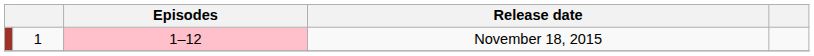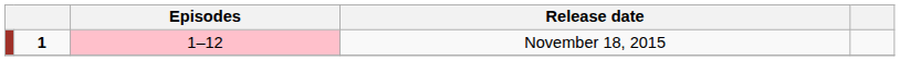 <table class="wikitable" style="text-align: center; width: 70%;">
 <tr>
 <th colspan="2"></th>
 <th>Episodes</th>
 <th>Release date</th>
 <th width="5%"></th>
 </tr>
 <tr>
 <td rowspan="1" width="1%" style="background: #9F3129;"></td>
-<td>1</td>
+<td><strong>1</strong></td>
 <td style="background: pink;">1–12</td>
 <td>November 18, 2015</td>
 <td></td>
 </tr>
 <tr>
 </tr>
 </table>
